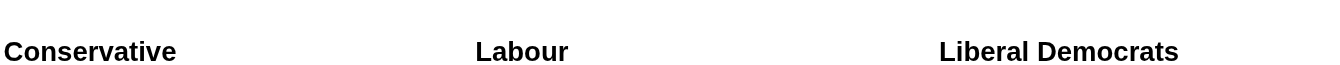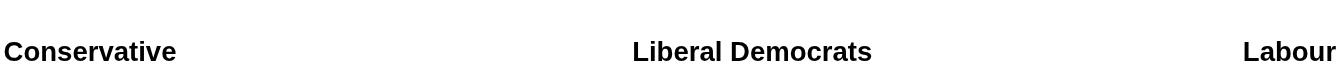 <table style="width:60%; text-align:center;">
 <tr style="color:white;">
 <td style="background:"><strong>25</strong></td>
+<td style="background:"><strong>8</strong></td>
 <td style="background:"><strong>15</strong></td>
-<td style="background:"><strong>8</strong></td>
 </tr>
 <tr>
 <td><span><strong>Conservative</strong></span></td>
+<td><span><strong>Liberal Democrats</strong></span></td>
 <td><span><strong>Labour</strong></span></td>
-<td><span><strong>Liberal Democrats</strong></span></td>
 </tr>
 </table>
